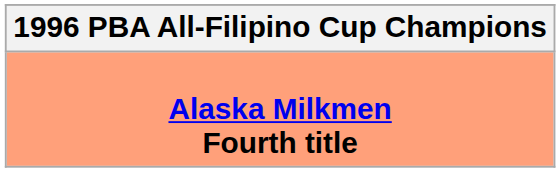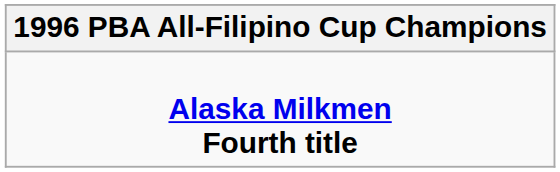 <table class=wikitable style="text-align:center; margin:auto">
 <tr>
 <th>1996 PBA All-Filipino Cup Champions</th>
 </tr>
 <tr>
-<td style="background: lightsalmon;"><br> <strong><a href='#'>Alaska Milkmen</a></strong> <br> <strong>Fourth title</strong></td>
+<td><br> <strong><a href='#'>Alaska Milkmen</a></strong> <br> <strong>Fourth title</strong></td>
 </tr>
 </table>
